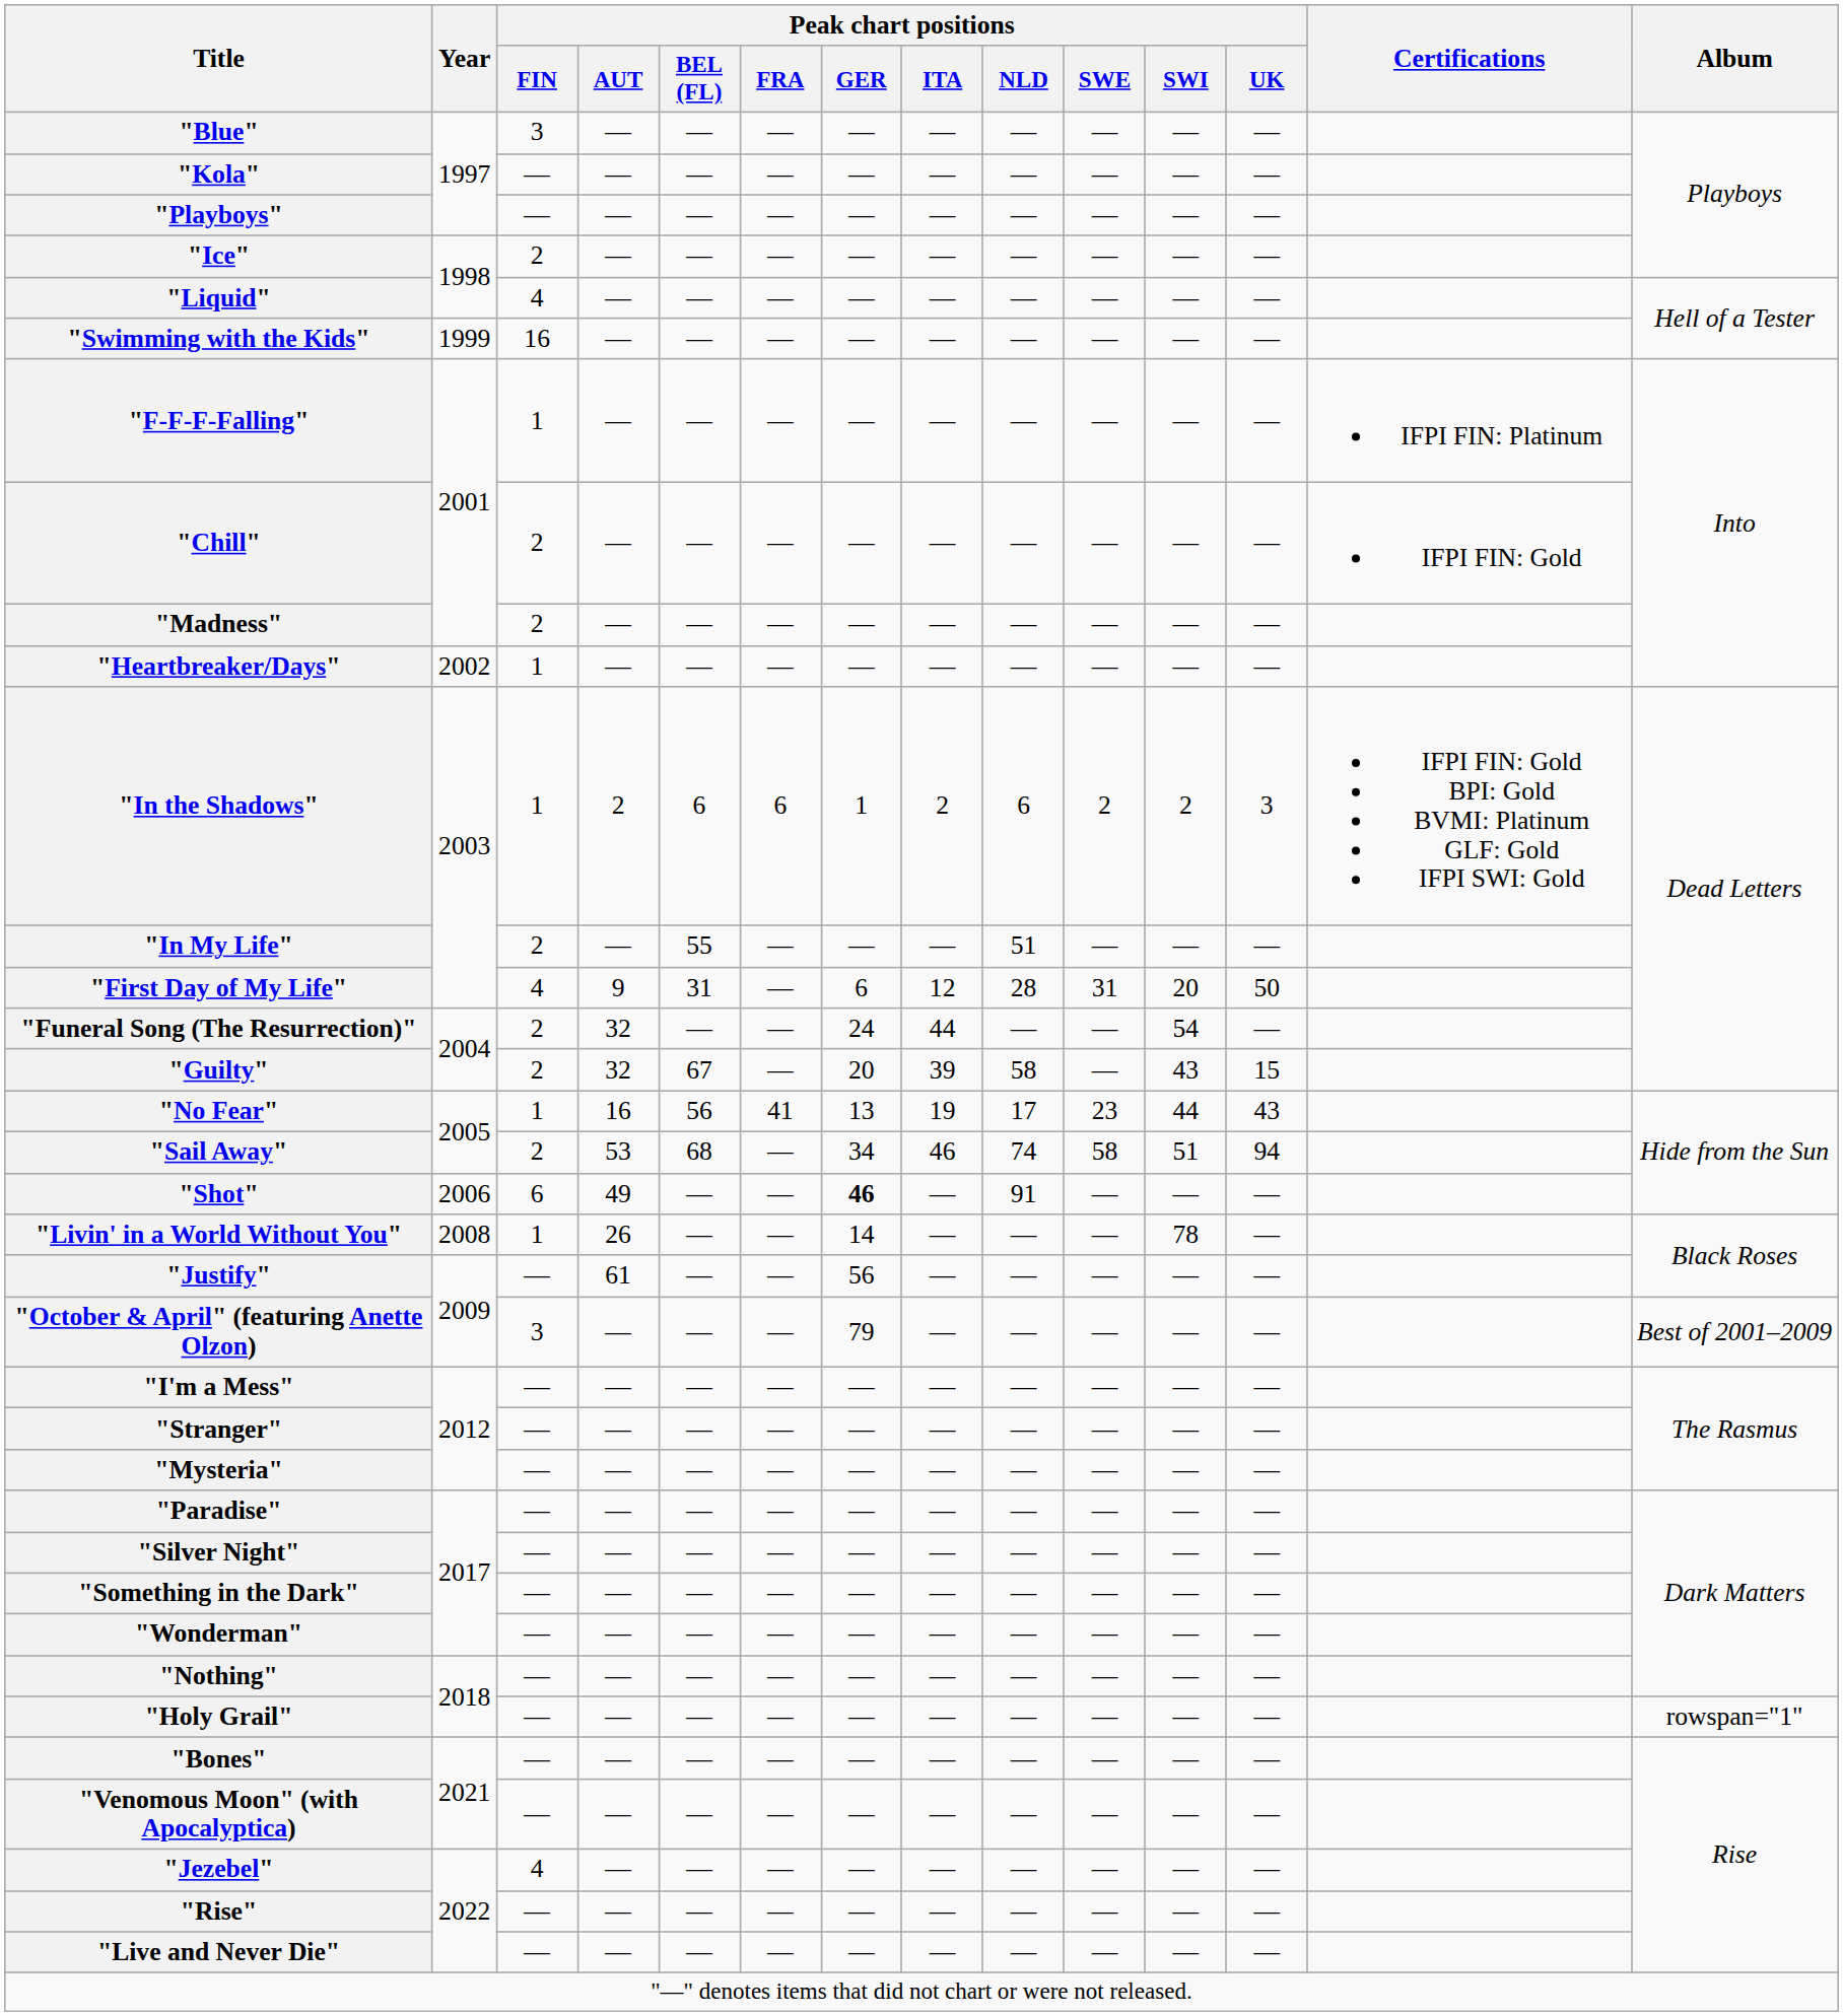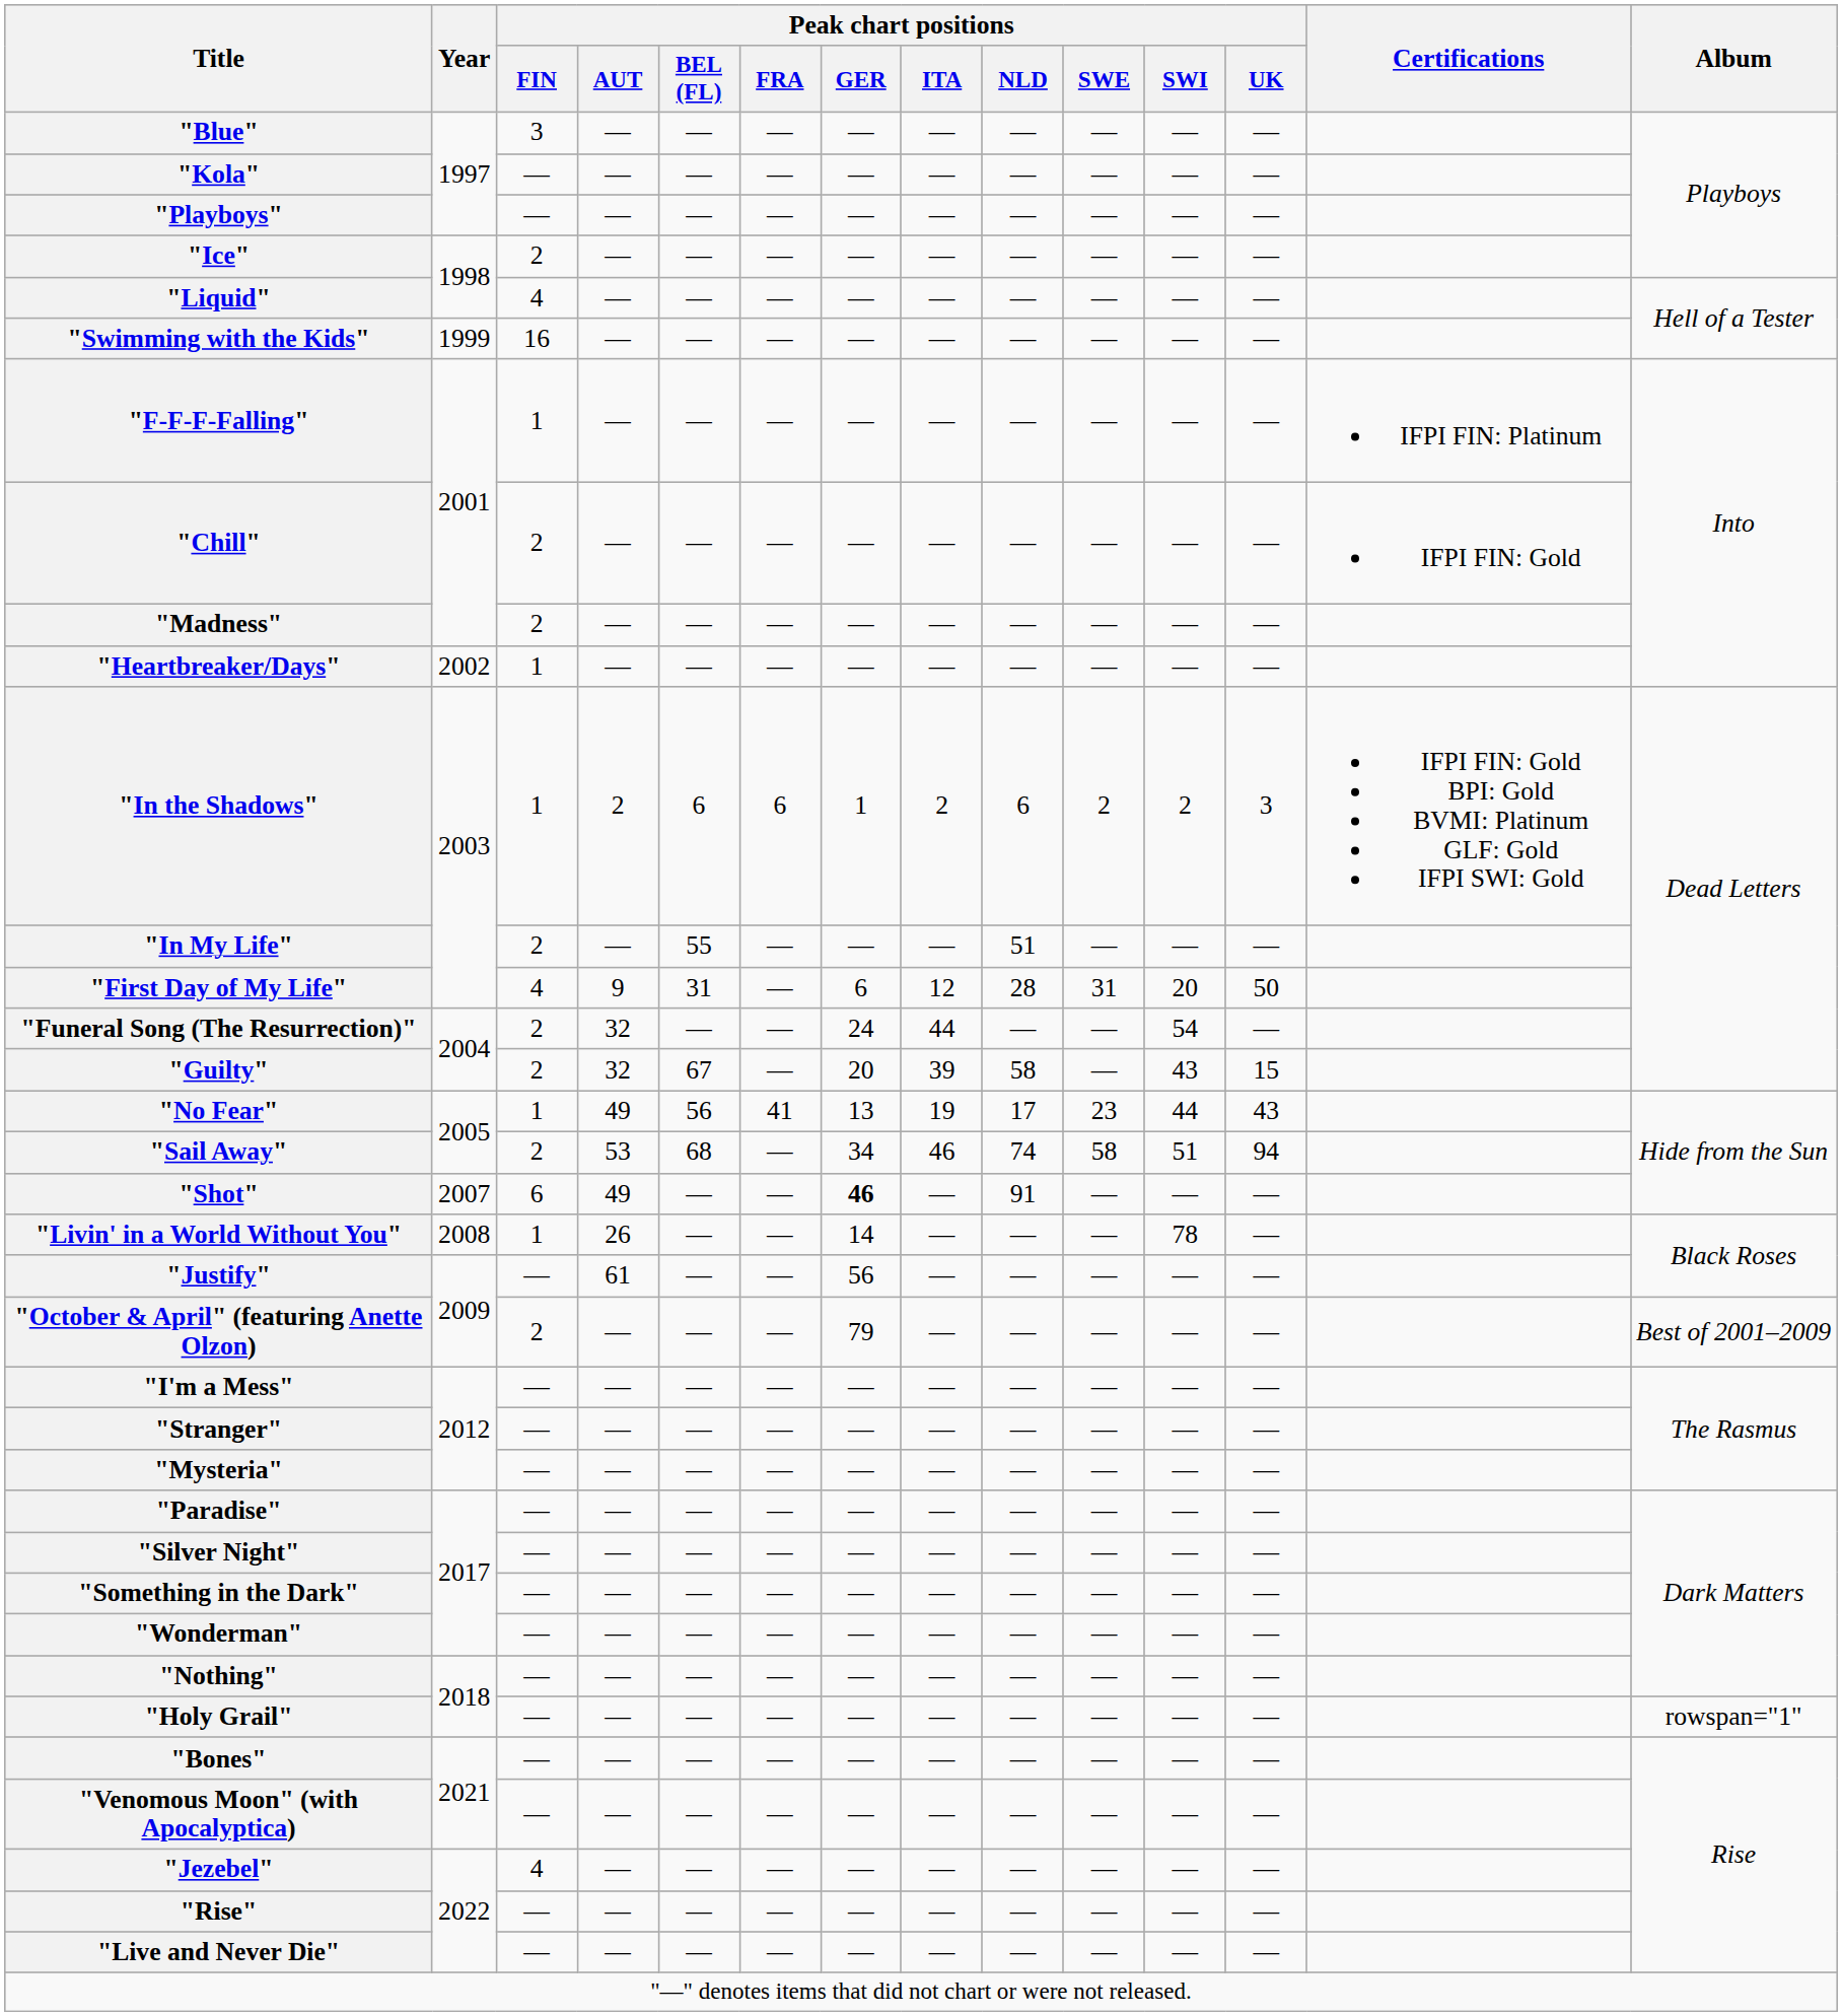 <table class="wikitable plainrowheaders" style="text-align:center;" border="1">
 <tr>
 <th scope="col" rowspan="2" style="width:16em;">Title</th>
 <th scope="col" rowspan="2">Year</th>
 <th scope="col" colspan="10">Peak chart positions</th>
 <th scope="col" rowspan="2" style="width:12em;"><a href='#'>Certifications</a></th>
 <th scope="col" rowspan="2">Album</th>
 </tr>
 <tr>
 <th scope="col" style="width:3em;font-size:90%;"><a href='#'>FIN</a><br></th>
 <th scope="col" style="width:3em;font-size:90%;"><a href='#'>AUT</a><br></th>
 <th scope="col" style="width:3em;font-size:90%;"><a href='#'>BEL<br>(FL)</a><br></th>
 <th scope="col" style="width:3em;font-size:90%;"><a href='#'>FRA</a><br></th>
 <th scope="col" style="width:3em;font-size:90%;"><a href='#'>GER</a><br></th>
 <th scope="col" style="width:3em;font-size:90%;"><a href='#'>ITA</a><br></th>
 <th scope="col" style="width:3em;font-size:90%;"><a href='#'>NLD</a><br></th>
 <th scope="col" style="width:3em;font-size:90%;"><a href='#'>SWE</a><br></th>
 <th scope="col" style="width:3em;font-size:90%;"><a href='#'>SWI</a><br></th>
 <th scope="col" style="width:3em;font-size:90%;"><a href='#'>UK</a><br></th>
 </tr>
 <tr>
 <th scope="row">"<a href='#'>Blue</a>"</th>
 <td rowspan="3">1997</td>
 <td>3</td>
 <td>—</td>
 <td>—</td>
 <td>—</td>
 <td>—</td>
 <td>—</td>
 <td>—</td>
 <td>—</td>
 <td>—</td>
 <td>—</td>
 <td></td>
 <td rowspan="4"><em>Playboys</em></td>
 </tr>
 <tr>
 <th scope="row">"<a href='#'>Kola</a>"</th>
 <td>—</td>
 <td>—</td>
 <td>—</td>
 <td>—</td>
 <td>—</td>
 <td>—</td>
 <td>—</td>
 <td>—</td>
 <td>—</td>
 <td>—</td>
 <td></td>
 </tr>
 <tr>
 <th scope="row">"<a href='#'>Playboys</a>"</th>
 <td>—</td>
 <td>—</td>
 <td>—</td>
 <td>—</td>
 <td>—</td>
 <td>—</td>
 <td>—</td>
 <td>—</td>
 <td>—</td>
 <td>—</td>
 <td></td>
 </tr>
 <tr>
 <th scope="row">"<a href='#'>Ice</a>"</th>
 <td rowspan="2">1998</td>
 <td>2</td>
 <td>—</td>
 <td>—</td>
 <td>—</td>
 <td>—</td>
 <td>—</td>
 <td>—</td>
 <td>—</td>
 <td>—</td>
 <td>—</td>
 <td></td>
 </tr>
 <tr>
 <th scope="row">"<a href='#'>Liquid</a>"</th>
 <td>4</td>
 <td>—</td>
 <td>—</td>
 <td>—</td>
 <td>—</td>
 <td>—</td>
 <td>—</td>
 <td>—</td>
 <td>—</td>
 <td>—</td>
 <td></td>
 <td rowspan="2"><em>Hell of a Tester</em></td>
 </tr>
 <tr>
 <th scope="row">"<a href='#'>Swimming with the Kids</a>"</th>
 <td>1999</td>
 <td>16</td>
 <td>—</td>
 <td>—</td>
 <td>—</td>
 <td>—</td>
 <td>—</td>
 <td>—</td>
 <td>—</td>
 <td>—</td>
 <td>—</td>
 <td></td>
 </tr>
 <tr>
 <th scope="row">"<a href='#'>F-F-F-Falling</a>"</th>
 <td rowspan="3">2001</td>
 <td>1</td>
 <td>—</td>
 <td>—</td>
 <td>—</td>
 <td>—</td>
 <td>—</td>
 <td>—</td>
 <td>—</td>
 <td>—</td>
 <td>—</td>
 <td><br><ul><li>IFPI FIN: Platinum</li></ul></td>
 <td rowspan="4"><em>Into</em></td>
 </tr>
 <tr>
 <th scope="row">"<a href='#'>Chill</a>"</th>
 <td>2</td>
 <td>—</td>
 <td>—</td>
 <td>—</td>
 <td>—</td>
 <td>—</td>
 <td>—</td>
 <td>—</td>
 <td>—</td>
 <td>—</td>
 <td><br><ul><li>IFPI FIN: Gold</li></ul></td>
 </tr>
 <tr>
 <th scope="row">"Madness"</th>
 <td>2</td>
 <td>—</td>
 <td>—</td>
 <td>—</td>
 <td>—</td>
 <td>—</td>
 <td>—</td>
 <td>—</td>
 <td>—</td>
 <td>—</td>
 <td></td>
 </tr>
 <tr>
 <th scope="row">"<a href='#'>Heartbreaker/Days</a>"</th>
 <td>2002</td>
 <td>1</td>
 <td>—</td>
 <td>—</td>
 <td>—</td>
 <td>—</td>
 <td>—</td>
 <td>—</td>
 <td>—</td>
 <td>—</td>
 <td>—</td>
 <td></td>
 </tr>
 <tr>
 <th scope="row">"<a href='#'>In the Shadows</a>"</th>
 <td rowspan="3">2003</td>
 <td>1</td>
 <td>2</td>
 <td>6</td>
 <td>6</td>
 <td>1</td>
 <td>2</td>
 <td>6</td>
 <td>2</td>
 <td>2</td>
 <td>3</td>
 <td><br><ul><li>IFPI FIN: Gold</li><li>BPI: Gold</li><li>BVMI: Platinum</li><li>GLF: Gold</li><li>IFPI SWI: Gold</li></ul></td>
 <td rowspan="5"><em>Dead Letters</em></td>
 </tr>
 <tr>
 <th scope="row">"<a href='#'>In My Life</a>"</th>
 <td>2</td>
 <td>—</td>
 <td>55</td>
 <td>—</td>
 <td>—</td>
 <td>—</td>
 <td>51</td>
 <td>—</td>
 <td>—</td>
 <td>—</td>
 <td></td>
 </tr>
 <tr>
 <th scope="row">"<a href='#'>First Day of My Life</a>"</th>
 <td>4</td>
 <td>9</td>
 <td>31</td>
 <td>—</td>
 <td>6</td>
 <td>12</td>
 <td>28</td>
 <td>31</td>
 <td>20</td>
 <td>50</td>
 <td></td>
 </tr>
 <tr>
 <th scope="row">"Funeral Song (The Resurrection)"</th>
 <td rowspan="2">2004</td>
 <td>2</td>
 <td>32</td>
 <td>—</td>
 <td>—</td>
 <td>24</td>
 <td>44</td>
 <td>—</td>
 <td>—</td>
 <td>54</td>
 <td>—</td>
 <td></td>
 </tr>
 <tr>
 <th scope="row">"<a href='#'>Guilty</a>"</th>
 <td>2</td>
 <td>32</td>
 <td>67</td>
 <td>—</td>
 <td>20</td>
 <td>39</td>
 <td>58</td>
 <td>—</td>
 <td>43</td>
 <td>15</td>
 <td></td>
 </tr>
 <tr>
 <th scope="row">"<a href='#'>No Fear</a>"</th>
 <td rowspan="2">2005</td>
 <td>1</td>
-<td>16</td>
+<td>49</td>
 <td>56</td>
 <td>41</td>
 <td>13</td>
 <td>19</td>
 <td>17</td>
 <td>23</td>
 <td>44</td>
 <td>43</td>
 <td></td>
 <td rowspan="3"><em>Hide from the Sun</em></td>
 </tr>
 <tr>
 <th scope="row">"<a href='#'>Sail Away</a>"</th>
 <td>2</td>
 <td>53</td>
 <td>68</td>
 <td>—</td>
 <td>34</td>
 <td>46</td>
 <td>74</td>
 <td>58</td>
 <td>51</td>
 <td>94</td>
 <td></td>
 </tr>
 <tr>
 <th scope="row">"<a href='#'>Shot</a>"</th>
-<td>2006</td>
+<td>2007</td>
 <td>6</td>
 <td>49</td>
 <td>—</td>
 <td>—</td>
 <td><strong>46</strong></td>
 <td>—</td>
 <td>91</td>
 <td>—</td>
 <td>—</td>
 <td>—</td>
 <td></td>
 </tr>
 <tr>
 <th scope="row">"<a href='#'>Livin' in a World Without You</a>"</th>
 <td>2008</td>
 <td>1</td>
 <td>26</td>
 <td>—</td>
 <td>—</td>
 <td>14</td>
 <td>—</td>
 <td>—</td>
 <td>—</td>
 <td>78</td>
 <td>—</td>
 <td></td>
 <td rowspan="2"><em>Black Roses</em></td>
 </tr>
 <tr>
 <th scope="row">"<a href='#'>Justify</a>"</th>
 <td rowspan="2">2009</td>
 <td>—</td>
 <td>61</td>
 <td>—</td>
 <td>—</td>
 <td>56</td>
 <td>—</td>
 <td>—</td>
 <td>—</td>
 <td>—</td>
 <td>—</td>
 <td></td>
 </tr>
 <tr>
 <th scope="row">"<a href='#'>October & April</a>" <span>(featuring <a href='#'>Anette Olzon</a>)</span></th>
-<td>3</td>
+<td>2</td>
 <td>—</td>
 <td>—</td>
 <td>—</td>
 <td>79</td>
 <td>—</td>
 <td>—</td>
 <td>—</td>
 <td>—</td>
 <td>—</td>
 <td></td>
 <td><em>Best of 2001–2009</em></td>
 </tr>
 <tr>
 <th scope="row">"I'm a Mess"</th>
 <td rowspan="3">2012</td>
 <td>—</td>
 <td>—</td>
 <td>—</td>
 <td>—</td>
 <td>—</td>
 <td>—</td>
 <td>—</td>
 <td>—</td>
 <td>—</td>
 <td>—</td>
 <td></td>
 <td rowspan="3"><em>The Rasmus</em></td>
 </tr>
 <tr>
 <th scope="row">"Stranger"</th>
 <td>—</td>
 <td>—</td>
 <td>—</td>
 <td>—</td>
 <td>—</td>
 <td>—</td>
 <td>—</td>
 <td>—</td>
 <td>—</td>
 <td>—</td>
 <td></td>
 </tr>
 <tr>
 <th scope="row">"Mysteria"</th>
 <td>—</td>
 <td>—</td>
 <td>—</td>
 <td>—</td>
 <td>—</td>
 <td>—</td>
 <td>—</td>
 <td>—</td>
 <td>—</td>
 <td>—</td>
 <td></td>
 </tr>
 <tr>
 <th scope="row">"Paradise"</th>
 <td rowspan="4">2017</td>
 <td>—</td>
 <td>—</td>
 <td>—</td>
 <td>—</td>
 <td>—</td>
 <td>—</td>
 <td>—</td>
 <td>—</td>
 <td>—</td>
 <td>—</td>
 <td></td>
 <td rowspan="5"><em>Dark Matters</em></td>
 </tr>
 <tr>
 <th scope="row">"Silver Night"</th>
 <td>—</td>
 <td>—</td>
 <td>—</td>
 <td>—</td>
 <td>—</td>
 <td>—</td>
 <td>—</td>
 <td>—</td>
 <td>—</td>
 <td>—</td>
 <td></td>
 </tr>
 <tr>
 <th scope="row">"Something in the Dark"</th>
 <td>—</td>
 <td>—</td>
 <td>—</td>
 <td>—</td>
 <td>—</td>
 <td>—</td>
 <td>—</td>
 <td>—</td>
 <td>—</td>
 <td>—</td>
 <td></td>
 </tr>
 <tr>
 <th scope="row">"Wonderman"</th>
 <td>—</td>
 <td>—</td>
 <td>—</td>
 <td>—</td>
 <td>—</td>
 <td>—</td>
 <td>—</td>
 <td>—</td>
 <td>—</td>
 <td>—</td>
 <td></td>
 </tr>
 <tr>
 <th scope="row">"Nothing"</th>
 <td rowspan="2">2018</td>
 <td>—</td>
 <td>—</td>
 <td>—</td>
 <td>—</td>
 <td>—</td>
 <td>—</td>
 <td>—</td>
 <td>—</td>
 <td>—</td>
 <td>—</td>
 <td></td>
 </tr>
 <tr>
 <th scope="row">"Holy Grail"</th>
 <td>—</td>
 <td>—</td>
 <td>—</td>
 <td>—</td>
 <td>—</td>
 <td>—</td>
 <td>—</td>
 <td>—</td>
 <td>—</td>
 <td>—</td>
 <td></td>
 <td>rowspan="1" </td>
 </tr>
 <tr>
 <th scope="row">"Bones"</th>
 <td rowspan="2">2021</td>
 <td>—</td>
 <td>—</td>
 <td>—</td>
 <td>—</td>
 <td>—</td>
 <td>—</td>
 <td>—</td>
 <td>—</td>
 <td>—</td>
 <td>—</td>
 <td></td>
 <td rowspan="5"><em>Rise</em></td>
 </tr>
 <tr>
 <th scope="row">"Venomous Moon" <span>(with <a href='#'>Apocalyptica</a>)</span></th>
 <td>—</td>
 <td>—</td>
 <td>—</td>
 <td>—</td>
 <td>—</td>
 <td>—</td>
 <td>—</td>
 <td>—</td>
 <td>—</td>
 <td>—</td>
 <td></td>
 </tr>
 <tr>
 <th scope="row">"<a href='#'>Jezebel</a>"</th>
 <td rowspan="3">2022</td>
 <td>4</td>
 <td>—</td>
 <td>—</td>
 <td>—</td>
 <td>—</td>
 <td>—</td>
 <td>—</td>
 <td>—</td>
 <td>—</td>
 <td>—</td>
 <td></td>
 </tr>
 <tr>
 <th scope="row">"Rise"</th>
 <td>—</td>
 <td>—</td>
 <td>—</td>
 <td>—</td>
 <td>—</td>
 <td>—</td>
 <td>—</td>
 <td>—</td>
 <td>—</td>
 <td>—</td>
 <td></td>
 </tr>
 <tr>
 <th scope="row">"Live and Never Die"</th>
 <td>—</td>
 <td>—</td>
 <td>—</td>
 <td>—</td>
 <td>—</td>
 <td>—</td>
 <td>—</td>
 <td>—</td>
 <td>—</td>
 <td>—</td>
 <td></td>
 </tr>
 <tr>
 <td colspan="16" style="font-size:90%">"—" denotes items that did not chart or were not released.</td>
 </tr>
 </table>
